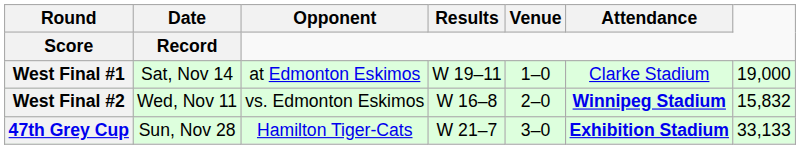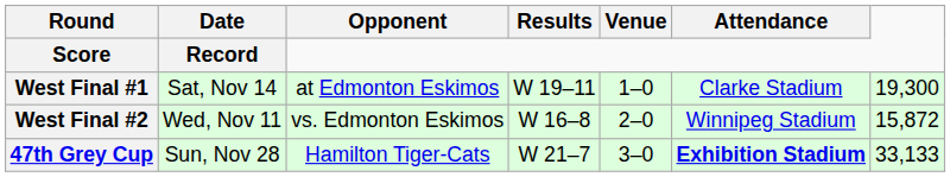 <table class="wikitable" style="text-align:center">
 <tr>
 <th>Round</th>
 <th>Date</th>
 <th>Opponent</th>
 <th>Results</th>
 <th>Venue</th>
 <th>Attendance</th>
 </tr>
 <tr>
 <th>Score</th>
 <th>Record</th>
 </tr>
 <tr style="background:#ddffdd">
 <th>West Final #1</th>
 <td>Sat, Nov 14</td>
 <td>at <a href='#'>Edmonton Eskimos</a></td>
 <td>W 19–11</td>
 <td>1–0</td>
 <td><a href='#'>Clarke Stadium</a></td>
-<td>19,000</td>
+<td>19,300</td>
 </tr>
 <tr style="background:#ddffdd">
 <th>West Final #2</th>
 <td>Wed, Nov 11</td>
 <td>vs. Edmonton Eskimos</td>
 <td>W 16–8</td>
 <td>2–0</td>
-<td><strong><a href='#'>Winnipeg Stadium</a></strong></td>
-<td>15,832</td>
+<td><a href='#'>Winnipeg Stadium</a></td>
+<td>15,872</td>
 </tr>
 <tr style="background:#ddffdd">
 <th><a href='#'>47th Grey Cup</a></th>
 <td>Sun, Nov 28</td>
 <td><a href='#'>Hamilton Tiger-Cats</a></td>
 <td>W 21–7</td>
 <td>3–0</td>
 <td><strong><a href='#'>Exhibition Stadium</a></strong></td>
 <td>33,133</td>
 </tr>
 </table>
